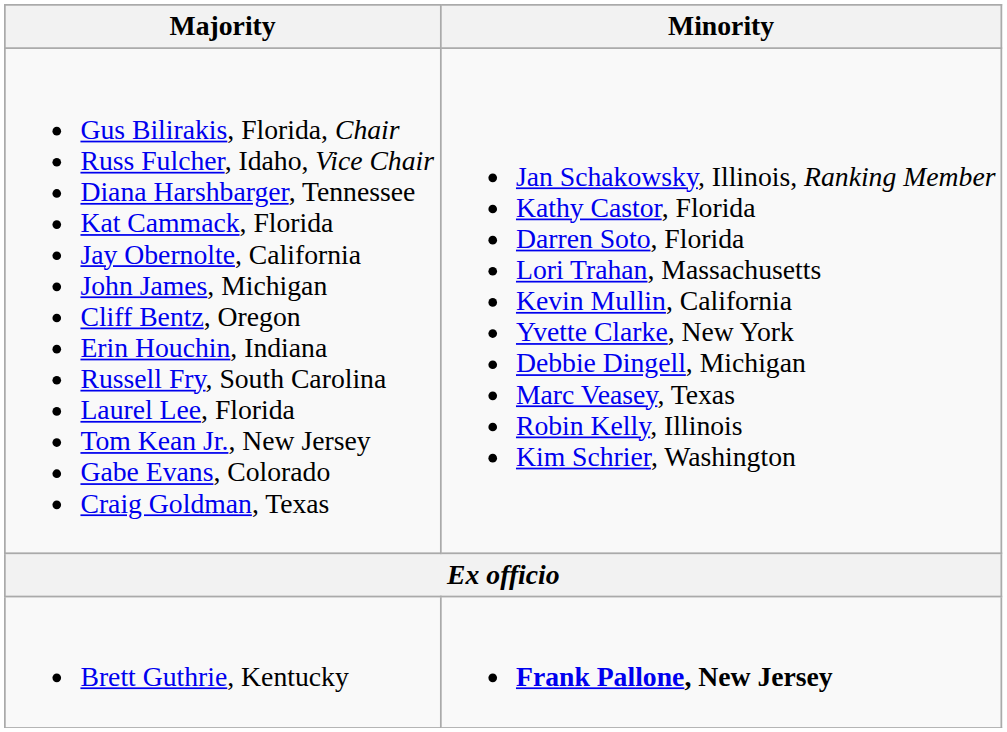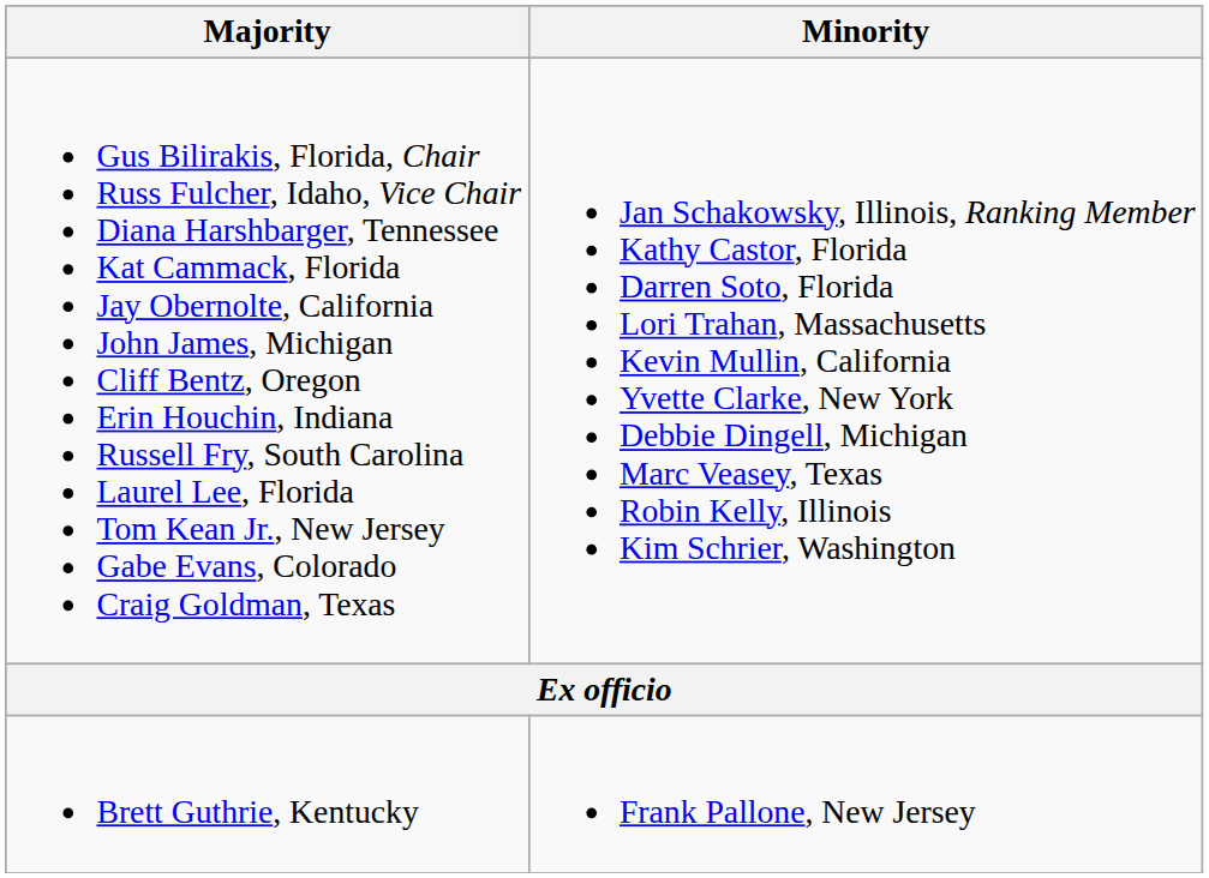 <table class=wikitable>
 <tr>
 <th>Majority</th>
 <th>Minority</th>
 </tr>
 <tr>
 <td><br><ul><li><a href='#'>Gus Bilirakis</a>, Florida, <em>Chair</em></li><li><a href='#'>Russ Fulcher</a>, Idaho, <em>Vice Chair</em></li><li><a href='#'>Diana Harshbarger</a>, Tennessee</li><li><a href='#'>Kat Cammack</a>, Florida</li><li><a href='#'>Jay Obernolte</a>, California</li><li><a href='#'>John James</a>, Michigan</li><li><a href='#'>Cliff Bentz</a>, Oregon</li><li><a href='#'>Erin Houchin</a>, Indiana</li><li><a href='#'>Russell Fry</a>, South Carolina</li><li><a href='#'>Laurel Lee</a>, Florida</li><li><a href='#'>Tom Kean Jr.</a>, New Jersey</li><li><a href='#'>Gabe Evans</a>, Colorado</li><li><a href='#'>Craig Goldman</a>, Texas</li></ul></td>
 <td><br><ul><li><a href='#'>Jan Schakowsky</a>, Illinois, <em>Ranking Member</em></li><li><a href='#'>Kathy Castor</a>, Florida</li><li><a href='#'>Darren Soto</a>, Florida</li><li><a href='#'>Lori Trahan</a>, Massachusetts</li><li><a href='#'>Kevin Mullin</a>, California</li><li><a href='#'>Yvette Clarke</a>, New York</li><li><a href='#'>Debbie Dingell</a>, Michigan</li><li><a href='#'>Marc Veasey</a>, Texas</li><li><a href='#'>Robin Kelly</a>, Illinois</li><li><a href='#'>Kim Schrier</a>, Washington</li></ul></td>
 </tr>
 <tr>
 <th colspan=2><em>Ex officio</em></th>
 </tr>
 <tr>
 <td><br><ul><li><a href='#'>Brett Guthrie</a>, Kentucky</li></ul></td>
-<td><strong><br><ul><li><a href='#'>Frank Pallone</a>, New Jersey</li></ul></strong></td>
+<td><br><ul><li><a href='#'>Frank Pallone</a>, New Jersey</li></ul></td>
 </tr>
 </table>
